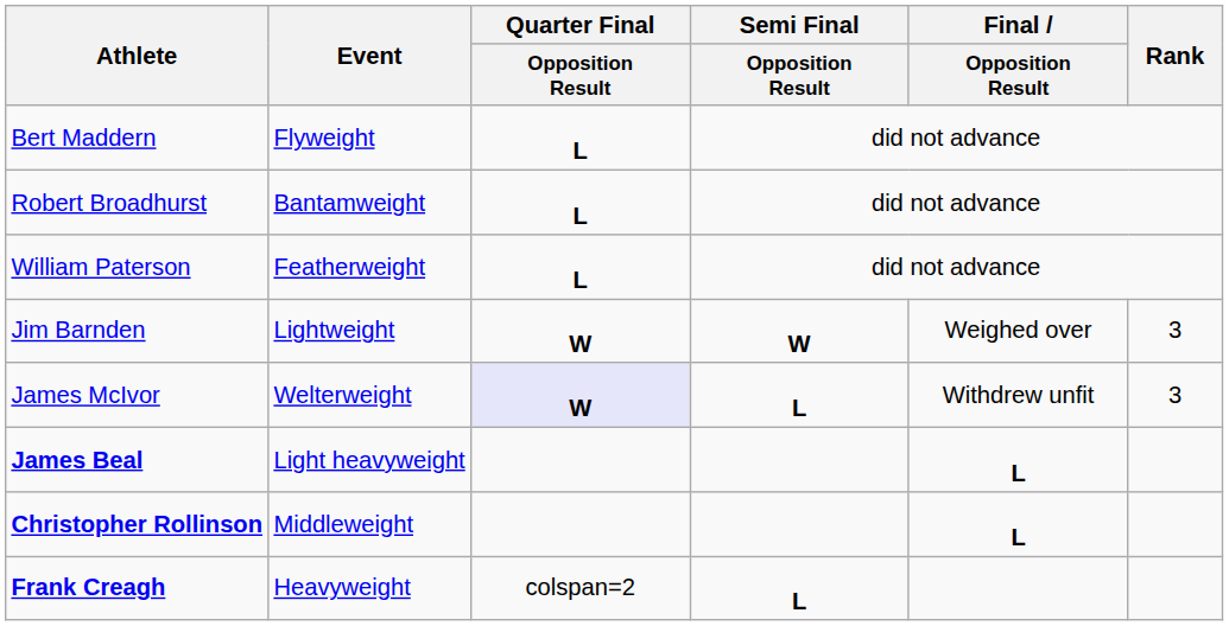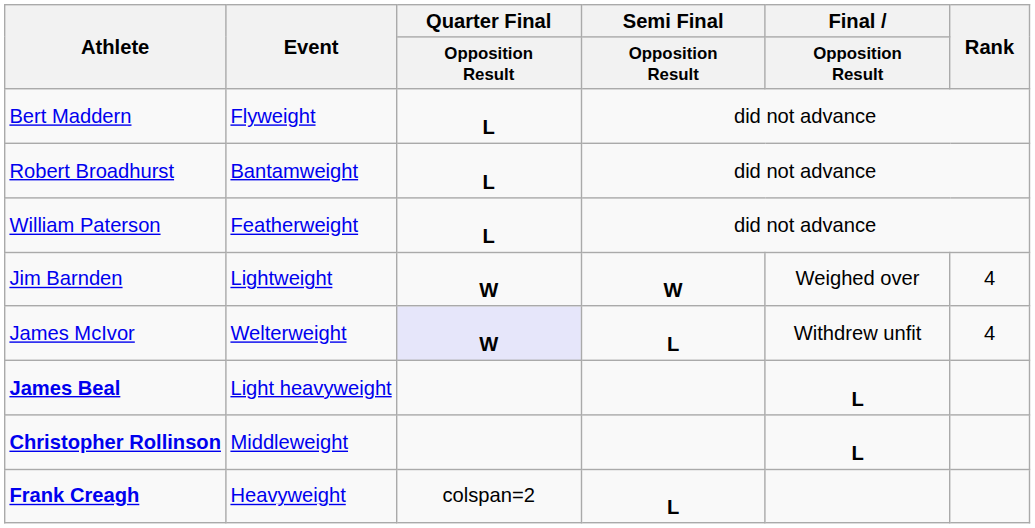 <table class="wikitable" style="font-size:90%">
 <tr>
 <th rowspan="2">Athlete</th>
 <th rowspan="2">Event</th>
 <th width=125>Quarter Final</th>
 <th width=125>Semi Final</th>
 <th width=125>Final / </th>
 <th rowspan="2" style="width:50px;">Rank</th>
 </tr>
 <tr>
 <th style="line-height:1em"><small>Opposition<br>Result</small></th>
 <th style="line-height:1em"><small>Opposition<br>Result</small></th>
 <th style="line-height:1em"><small>Opposition<br>Result</small></th>
 </tr>
 <tr align=center>
 <td align=left><a href='#'>Bert Maddern</a></td>
 <td align=left><a href='#'>Flyweight</a></td>
 <td><br><strong>L</strong></td>
 <td colspan=3>did not advance</td>
 </tr>
 <tr align=center>
 <td align=left><a href='#'>Robert Broadhurst</a></td>
 <td align=left><a href='#'>Bantamweight</a></td>
 <td><br><strong>L</strong></td>
 <td colspan=3>did not advance</td>
 </tr>
 <tr align=center>
 <td align=left><a href='#'>William Paterson</a></td>
 <td align=left><a href='#'>Featherweight</a></td>
 <td><br><strong>L</strong></td>
 <td colspan=3>did not advance</td>
 </tr>
 <tr align=center>
 <td align=left><a href='#'>Jim Barnden</a></td>
 <td align=left><a href='#'>Lightweight</a></td>
 <td><br><strong>W</strong></td>
 <td><br><strong>W</strong></td>
 <td>Weighed over</td>
-<td>3</td>
+<td>4</td>
 </tr>
 <tr align=center>
 <td align=left><a href='#'>James McIvor</a></td>
 <td align=left><a href='#'>Welterweight</a></td>
 <td style="background: lavender;"><br><strong>W</strong></td>
 <td><br><strong>L</strong></td>
 <td>Withdrew unfit</td>
-<td>3</td>
+<td>4</td>
 </tr>
 <tr align=center>
 <td align=left><strong><a href='#'>James Beal</a></strong></td>
 <td align=left><a href='#'>Light heavyweight</a></td>
 <td></td>
 <td></td>
 <td><br><strong>L</strong></td>
 <td></td>
 </tr>
 <tr align=center>
 <td align=left><strong><a href='#'>Christopher Rollinson</a></strong></td>
 <td align=left><a href='#'>Middleweight</a></td>
 <td></td>
 <td></td>
 <td><br><strong>L</strong></td>
 <td></td>
 </tr>
 <tr align=center>
 <td align=left><strong><a href='#'>Frank Creagh</a></strong></td>
 <td align=left><a href='#'>Heavyweight</a></td>
 <td>colspan=2 </td>
 <td><br><strong>L</strong></td>
 <td></td>
 </tr>
 </table>
